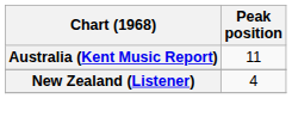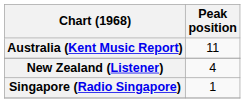 <table class="wikitable sortable plainrowheaders" style="text-align:center">
 <tr>
 <th>Chart (1968)</th>
 <th>Peak<br>position</th>
 </tr>
 <tr>
 <th scope="row">Australia (<a href='#'>Kent Music Report</a>)</th>
 <td>11</td>
 </tr>
 <tr>
 </tr>
 <tr>
 </tr>
 <tr>
 </tr>
 <tr>
 </tr>
 <tr>
 <th scope="row">New Zealand (<a href='#'>Listener</a>)</th>
 <td>4</td>
 </tr>
 <tr>
+<th scope="row">Singapore (<a href='#'>Radio Singapore</a>)</th>
+<td>1</td>
+</tr>
+<tr>
 </tr>
 </table>
